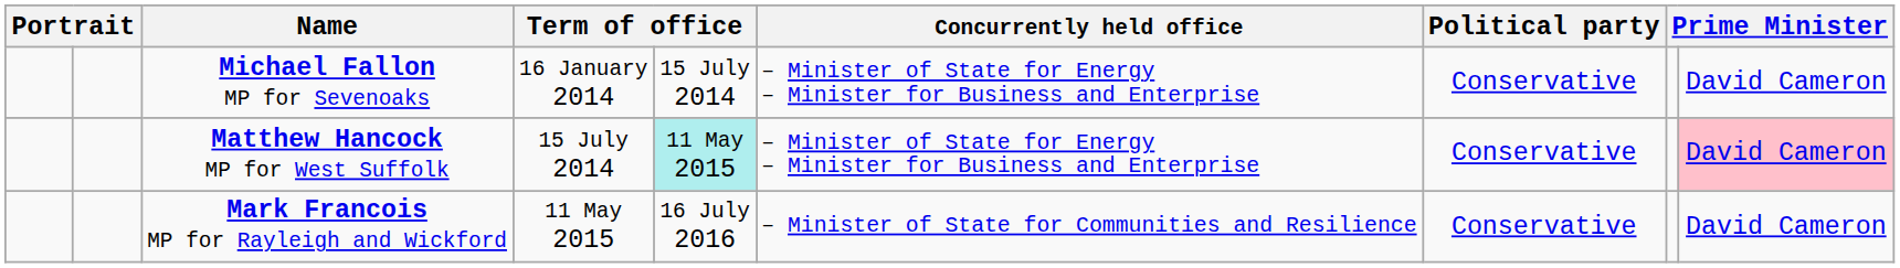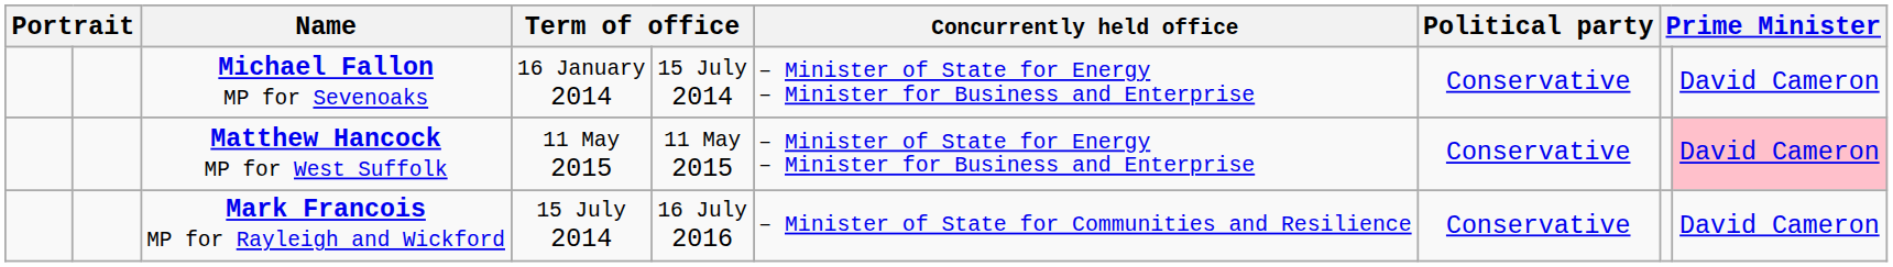 <table class="wikitable" style="text-align:Center;">
 <tr>
 <th colspan=2>Portrait</th>
 <th>Name</th>
 <th colspan=2>Term of office</th>
 <th><small>Concurrently held office</small></th>
 <th>Political party</th>
 <th colspan=2><a href='#'>Prime Minister</a></th>
 </tr>
 <tr>
 <td style="background-color: "></td>
 <td></td>
 <td><strong><a href='#'>Michael Fallon</a></strong><br><small>MP for <a href='#'>Sevenoaks</a></small></td>
 <td><small>16 January</small><br>2014</td>
 <td><small>15 July</small><br>2014</td>
 <td style="text-align:left; font-size:85%;">– <a href='#'>Minister of State for Energy</a><br> – <a href='#'>Minister for Business and Enterprise</a></td>
 <td><a href='#'>Conservative</a></td>
 <td style="background-color: "></td>
 <td><a href='#'>David Cameron</a> </td>
 </tr>
 <tr>
 <td style="background-color: "></td>
 <td></td>
 <td><strong><a href='#'>Matthew Hancock</a></strong><br><small>MP for <a href='#'>West Suffolk</a></small></td>
-<td><small>15 July</small><br>2014</td>
-<td style="background: paleturquoise;"><small>11 May</small><br>2015</td>
+<td><small>11 May</small><br>2015</td>
+<td><small>11 May</small><br>2015</td>
 <td style="text-align:left; font-size:85%;">– <a href='#'>Minister of State for Energy</a><br> – <a href='#'>Minister for Business and Enterprise</a></td>
 <td><a href='#'>Conservative</a></td>
 <td style="background-color: "></td>
 <td style="background: pink;"><a href='#'>David Cameron</a> </td>
 </tr>
 <tr>
 <td style="background-color: "></td>
 <td></td>
 <td><strong><a href='#'>Mark Francois</a></strong><br><small>MP for <a href='#'>Rayleigh and Wickford</a></small></td>
-<td><small>11 May</small><br>2015</td>
+<td><small>15 July</small><br>2014</td>
 <td><small>16 July</small><br>2016</td>
 <td style="text-align:left; font-size:85%;">– <a href='#'>Minister of State for Communities and Resilience</a></td>
 <td><a href='#'>Conservative</a></td>
 <td style="background-color: "></td>
 <td><a href='#'>David Cameron</a> </td>
 </tr>
 </table>
